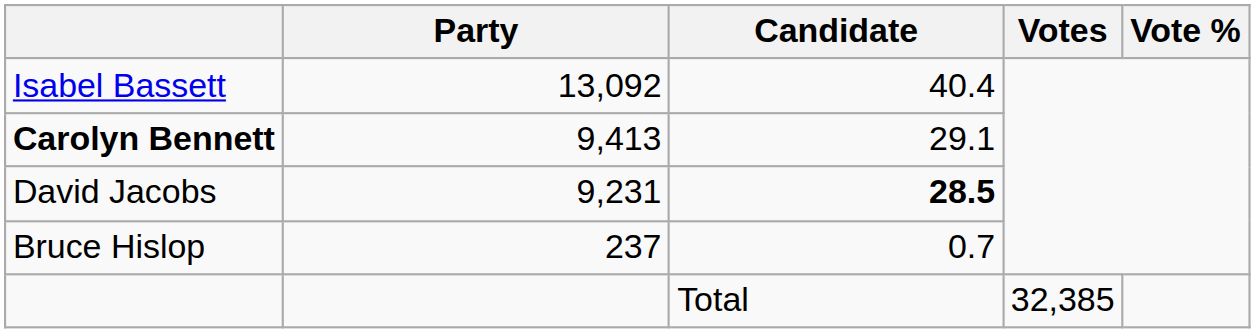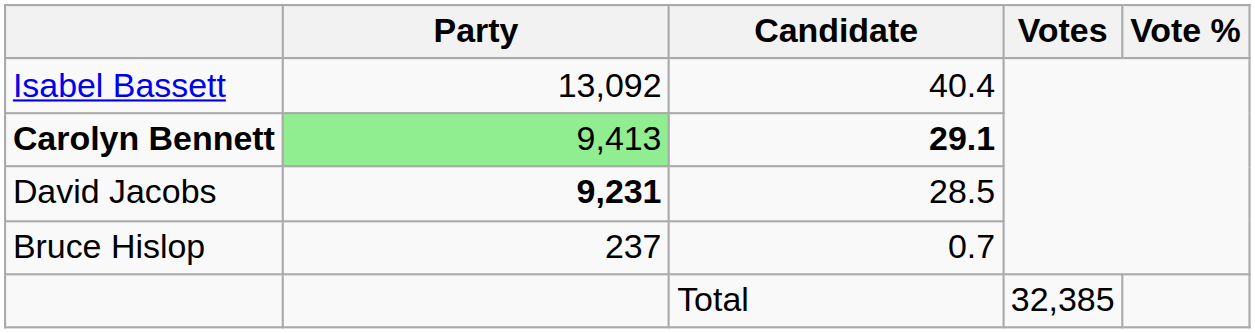 <table class="wikitable">
 <tr>
 <th></th>
 <th scope="col" width="175">Party</th>
 <th scope="col" width="150">Candidate</th>
 <th>Votes</th>
 <th>Vote %</th>
 </tr>
 <tr>
 <td><a href='#'>Isabel Bassett</a></td>
 <td align=right>13,092</td>
 <td align=right>40.4</td>
 </tr>
 <tr |>
 <td><strong>Carolyn Bennett</strong></td>
-<td align=right>9,413</td>
-<td align=right>29.1</td>
+<td align=right style="background: lightgreen;">9,413</td>
+<td align=right><strong>29.1</strong></td>
 </tr>
 <tr |>
 <td>David Jacobs</td>
-<td align=right>9,231</td>
-<td align=right><strong>28.5<br></strong></td>
+<td align=right><strong>9,231</strong></td>
+<td align=right>28.5<br></td>
 </tr>
 <tr>
 <td>Bruce Hislop</td>
 <td align=right>237</td>
 <td align=right>0.7<br></td>
 </tr>
 <tr |>
 <td></td>
 <td></td>
 <td>Total</td>
 <td align=right>32,385</td>
 <td></td>
 </tr>
 </table>
